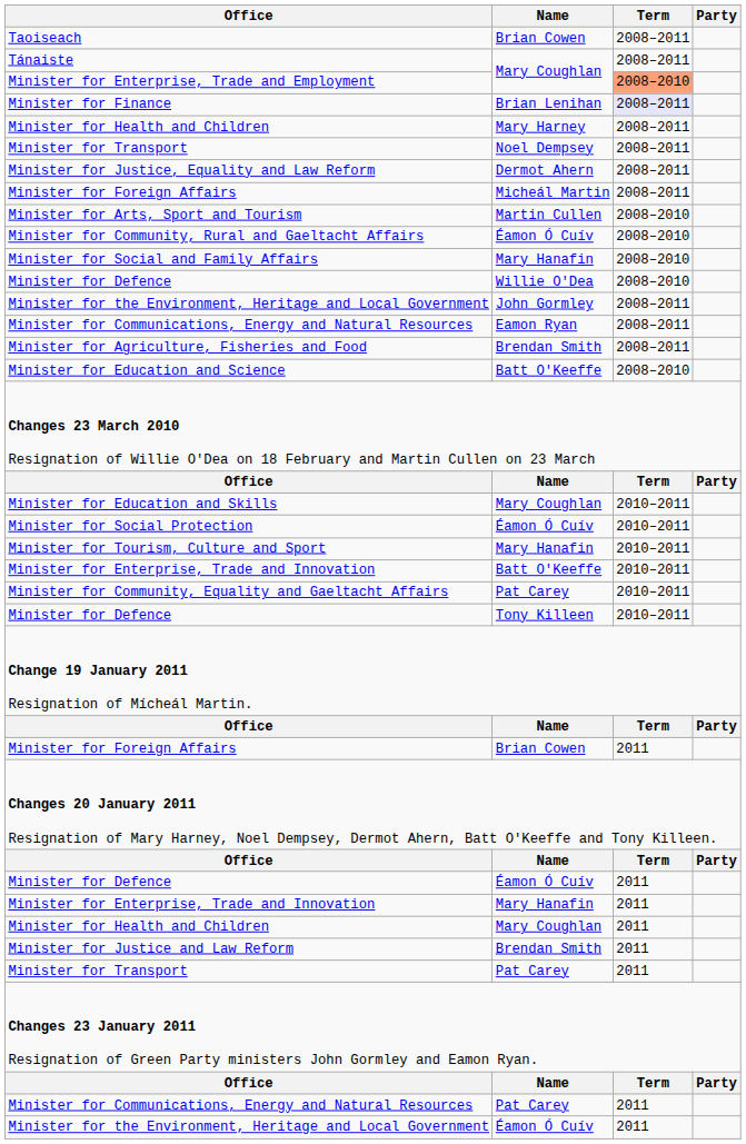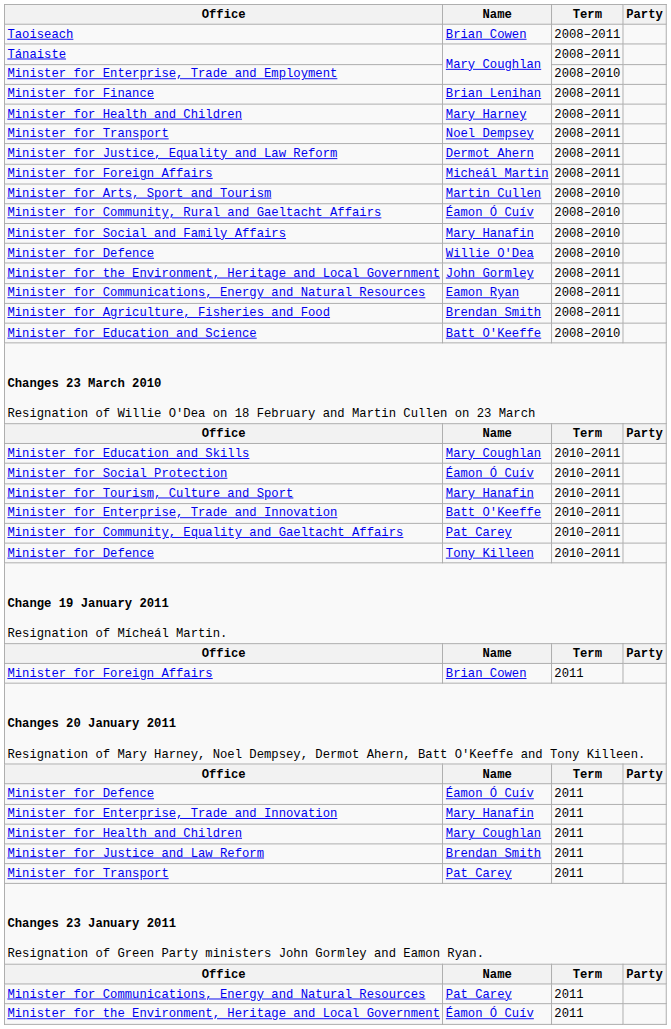 <table class="wikitable">
 <tr>
 <th>Office</th>
 <th>Name</th>
 <th>Term</th>
 <th colspan="2">Party</th>
 </tr>
 <tr>
 <td><a href='#'>Taoiseach</a></td>
 <td><a href='#'>Brian Cowen</a></td>
 <td>2008–2011</td>
 <td></td>
 </tr>
 <tr>
 <td><a href='#'>Tánaiste</a></td>
 <td rowspan=2><a href='#'>Mary Coughlan</a></td>
 <td>2008–2011</td>
 <td></td>
 </tr>
 <tr>
 <td><a href='#'>Minister for Enterprise, Trade and Employment</a></td>
-<td style="background: lightsalmon;">2008–2010</td>
+<td>2008–2010</td>
 </tr>
 <tr>
 <td><a href='#'>Minister for Finance</a></td>
 <td><a href='#'>Brian Lenihan</a></td>
-<td style="background: lavender;">2008–2011</td>
+<td>2008–2011</td>
 <td></td>
 </tr>
 <tr>
 <td><a href='#'>Minister for Health and Children</a></td>
 <td><a href='#'>Mary Harney</a></td>
 <td>2008–2011</td>
 <td></td>
 </tr>
 <tr>
 <td><a href='#'>Minister for Transport</a></td>
 <td><a href='#'>Noel Dempsey</a></td>
 <td>2008–2011</td>
 <td></td>
 </tr>
 <tr>
 <td><a href='#'>Minister for Justice, Equality and Law Reform</a></td>
 <td><a href='#'>Dermot Ahern</a></td>
 <td>2008–2011</td>
 <td></td>
 </tr>
 <tr>
 <td><a href='#'>Minister for Foreign Affairs</a></td>
 <td><a href='#'>Micheál Martin</a></td>
 <td>2008–2011</td>
 <td></td>
 </tr>
 <tr>
 <td><a href='#'>Minister for Arts, Sport and Tourism</a></td>
 <td><a href='#'>Martin Cullen</a></td>
 <td>2008–2010</td>
 <td></td>
 </tr>
 <tr>
 <td><a href='#'>Minister for Community, Rural and Gaeltacht Affairs</a></td>
 <td><a href='#'>Éamon Ó Cuív</a></td>
 <td>2008–2010</td>
 <td></td>
 </tr>
 <tr>
 <td><a href='#'>Minister for Social and Family Affairs</a></td>
 <td><a href='#'>Mary Hanafin</a></td>
 <td>2008–2010</td>
 <td></td>
 </tr>
 <tr>
 <td><a href='#'>Minister for Defence</a></td>
 <td><a href='#'>Willie O'Dea</a></td>
 <td>2008–2010</td>
 <td></td>
 </tr>
 <tr>
 <td><a href='#'>Minister for the Environment, Heritage and Local Government</a></td>
 <td><a href='#'>John Gormley</a></td>
 <td>2008–2011</td>
 <td></td>
 </tr>
 <tr>
 <td><a href='#'>Minister for Communications, Energy and Natural Resources</a></td>
 <td><a href='#'>Eamon Ryan</a></td>
 <td>2008–2011</td>
 <td></td>
 </tr>
 <tr>
 <td><a href='#'>Minister for Agriculture, Fisheries and Food</a></td>
 <td><a href='#'>Brendan Smith</a></td>
 <td>2008–2011</td>
 <td></td>
 </tr>
 <tr>
 <td><a href='#'>Minister for Education and Science</a></td>
 <td><a href='#'>Batt O'Keeffe</a></td>
 <td>2008–2010</td>
 <td></td>
 </tr>
 <tr>
 <td colspan="5"><br><h4>Changes 23 March 2010</h4>Resignation of Willie O'Dea on 18 February and Martin Cullen on 23 March</td>
 </tr>
 <tr>
 <th>Office</th>
 <th>Name</th>
 <th>Term</th>
 <th colspan="2">Party</th>
 </tr>
 <tr>
 <td><a href='#'>Minister for Education and Skills</a></td>
 <td><a href='#'>Mary Coughlan</a></td>
 <td>2010–2011</td>
 <td></td>
 </tr>
 <tr>
 <td><a href='#'>Minister for Social Protection</a></td>
 <td><a href='#'>Éamon Ó Cuív</a></td>
 <td>2010–2011</td>
 <td></td>
 </tr>
 <tr>
 <td><a href='#'>Minister for Tourism, Culture and Sport</a></td>
 <td><a href='#'>Mary Hanafin</a></td>
 <td>2010–2011</td>
 <td></td>
 </tr>
 <tr>
 <td><a href='#'>Minister for Enterprise, Trade and Innovation</a> </td>
 <td><a href='#'>Batt O'Keeffe</a></td>
 <td>2010–2011</td>
 <td></td>
 </tr>
 <tr>
 <td><a href='#'>Minister for Community, Equality and Gaeltacht Affairs</a> </td>
 <td><a href='#'>Pat Carey</a></td>
 <td>2010–2011</td>
 <td></td>
 </tr>
 <tr>
 <td><a href='#'>Minister for Defence</a></td>
 <td><a href='#'>Tony Killeen</a></td>
 <td>2010–2011</td>
 <td></td>
 </tr>
 <tr>
 <td colspan="5"><br><h4>Change 19 January 2011</h4>Resignation of Mícheál Martin.</td>
 </tr>
 <tr>
 <th>Office</th>
 <th>Name</th>
 <th>Term</th>
 <th colspan="2">Party</th>
 </tr>
 <tr>
 <td><a href='#'>Minister for Foreign Affairs</a></td>
 <td><a href='#'>Brian Cowen</a></td>
 <td>2011</td>
 <td></td>
 </tr>
 <tr>
 <td colspan="5"><br><h4>Changes 20 January 2011</h4>Resignation of Mary Harney, Noel Dempsey, Dermot Ahern, Batt O'Keeffe and Tony Killeen.</td>
 </tr>
 <tr>
 <th>Office</th>
 <th>Name</th>
 <th>Term</th>
 <th colspan="2">Party</th>
 </tr>
 <tr>
 <td><a href='#'>Minister for Defence</a></td>
 <td><a href='#'>Éamon Ó Cuív</a></td>
 <td>2011</td>
 <td></td>
 </tr>
 <tr>
 <td><a href='#'>Minister for Enterprise, Trade and Innovation</a></td>
 <td><a href='#'>Mary Hanafin</a></td>
 <td>2011</td>
 <td></td>
 </tr>
 <tr>
 <td><a href='#'>Minister for Health and Children</a></td>
 <td><a href='#'>Mary Coughlan</a></td>
 <td>2011</td>
 <td></td>
 </tr>
 <tr>
 <td><a href='#'>Minister for Justice and Law Reform</a></td>
 <td><a href='#'>Brendan Smith</a></td>
 <td>2011</td>
 <td></td>
 </tr>
 <tr>
 <td><a href='#'>Minister for Transport</a></td>
 <td><a href='#'>Pat Carey</a></td>
 <td>2011</td>
 <td></td>
 </tr>
 <tr>
 <td colspan="5"><br><h4>Changes 23 January 2011</h4>Resignation of Green Party ministers John Gormley and Eamon Ryan.</td>
 </tr>
 <tr>
 <th>Office</th>
 <th>Name</th>
 <th>Term</th>
 <th colspan="2">Party</th>
 </tr>
 <tr>
 <td><a href='#'>Minister for Communications, Energy and Natural Resources</a></td>
 <td><a href='#'>Pat Carey</a></td>
 <td>2011</td>
 <td></td>
 </tr>
 <tr>
 <td><a href='#'>Minister for the Environment, Heritage and Local Government</a></td>
 <td><a href='#'>Éamon Ó Cuív</a></td>
 <td>2011</td>
 <td></td>
 </tr>
 </table>
